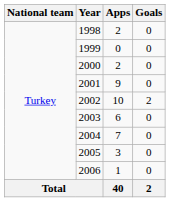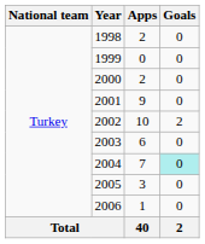 <table class="wikitable" style="text-align:center">
 <tr>
 <th>National team</th>
 <th>Year</th>
 <th>Apps</th>
 <th>Goals</th>
 </tr>
 <tr>
 <td rowspan="9"><a href='#'>Turkey</a></td>
 <td>1998</td>
 <td>2</td>
 <td>0</td>
 </tr>
 <tr>
 <td>1999</td>
 <td>0</td>
 <td>0</td>
 </tr>
 <tr>
 <td>2000</td>
 <td>2</td>
 <td>0</td>
 </tr>
 <tr>
 <td>2001</td>
 <td>9</td>
 <td>0</td>
 </tr>
 <tr>
 <td>2002</td>
 <td>10</td>
 <td>2</td>
 </tr>
 <tr>
 <td>2003</td>
 <td>6</td>
 <td>0</td>
 </tr>
 <tr>
 <td>2004</td>
 <td>7</td>
-<td>0</td>
+<td style="background: paleturquoise;">0</td>
 </tr>
 <tr>
 <td>2005</td>
 <td>3</td>
 <td>0</td>
 </tr>
 <tr>
 <td>2006</td>
 <td>1</td>
 <td>0</td>
 </tr>
 <tr>
 <th colspan="2">Total</th>
 <th>40</th>
 <th>2</th>
 </tr>
 </table>
